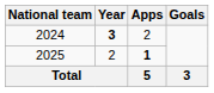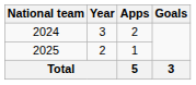 <table class=wikitable style=text-align:center>
 <tr>
 <th>National team</th>
 <th>Year</th>
 <th>Apps</th>
 <th>Goals</th>
 </tr>
 <tr>
 <td>2024</td>
-<td><strong>3</strong></td>
+<td>3</td>
 <td>2</td>
 </tr>
 <tr>
 <td>2025</td>
 <td>2</td>
-<td><strong>1</strong></td>
+<td>1</td>
 </tr>
 <tr>
 <th colspan="2">Total</th>
 <th>5</th>
 <th>3</th>
 </tr>
 </table>
